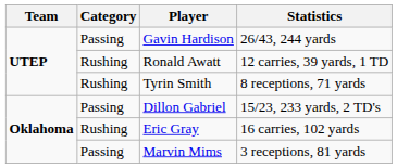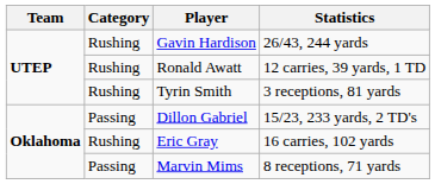 <table class="wikitable" style="float: right;">
 <tr>
 <th>Team</th>
 <th>Category</th>
 <th>Player</th>
 <th>Statistics</th>
 </tr>
 <tr>
 <td rowspan=3><strong>UTEP</strong></td>
-<td>Passing</td>
+<td>Rushing</td>
 <td><a href='#'>Gavin Hardison</a></td>
 <td>26/43, 244 yards</td>
 </tr>
 <tr>
 <td>Rushing</td>
 <td>Ronald Awatt</td>
 <td>12 carries, 39 yards, 1 TD</td>
 </tr>
 <tr>
 <td>Rushing</td>
 <td>Tyrin Smith</td>
-<td>8 receptions, 71 yards</td>
+<td>3 receptions, 81 yards</td>
 </tr>
 <tr>
 <td rowspan=3><strong>Oklahoma</strong></td>
 <td>Passing</td>
 <td><a href='#'>Dillon Gabriel</a></td>
 <td>15/23, 233 yards, 2 TD's</td>
 </tr>
 <tr>
 <td>Rushing</td>
 <td><a href='#'>Eric Gray</a></td>
 <td>16 carries, 102 yards</td>
 </tr>
 <tr>
 <td>Passing</td>
 <td><a href='#'>Marvin Mims</a></td>
-<td>3 receptions, 81 yards</td>
+<td>8 receptions, 71 yards</td>
 </tr>
 </table>
